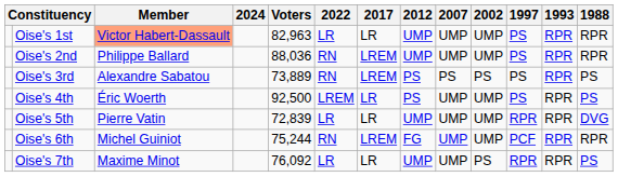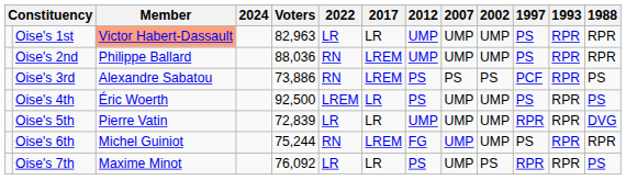 <table class="wikitable sortable">
 <tr>
 <th colspan="2">Constituency</th>
 <th>Member</th>
 <th>2024</th>
 <th>Voters</th>
 <th>2022</th>
 <th>2017</th>
 <th>2012</th>
 <th>2007</th>
 <th>2002</th>
 <th>1997</th>
 <th>1993</th>
 <th>1988</th>
 </tr>
 <tr>
 <td style="background-color: "></td>
 <td><a href='#'>Oise's 1st</a></td>
 <td style="background: lightsalmon;"><a href='#'>Victor Habert-Dassault</a></td>
 <td></td>
 <td>82,963</td>
 <td><a href='#'>LR</a></td>
 <td>LR</td>
 <td><a href='#'>UMP</a></td>
 <td>UMP</td>
 <td>UMP</td>
 <td><a href='#'>PS</a></td>
 <td><a href='#'>RPR</a></td>
 <td>RPR</td>
 </tr>
 <tr>
 <td style="background-color: "></td>
 <td><a href='#'>Oise's 2nd</a></td>
 <td><a href='#'>Philippe Ballard</a></td>
 <td></td>
 <td>88,036</td>
 <td><a href='#'>RN</a></td>
 <td><a href='#'>LREM</a></td>
 <td><a href='#'>UMP</a></td>
 <td>UMP</td>
 <td>UMP</td>
 <td><a href='#'>PS</a></td>
 <td><a href='#'>RPR</a></td>
 <td>RPR</td>
 </tr>
 <tr>
 <td style="background-color: "></td>
 <td><a href='#'>Oise's 3rd</a></td>
 <td><a href='#'>Alexandre Sabatou</a></td>
 <td></td>
-<td>73,889</td>
+<td>73,886</td>
 <td><a href='#'>RN</a></td>
 <td><a href='#'>LREM</a></td>
 <td><a href='#'>PS</a></td>
 <td>PS</td>
 <td>PS</td>
-<td>PS</td>
+<td><a href='#'>PCF</a></td>
 <td><a href='#'>RPR</a></td>
 <td>PS</td>
 </tr>
 <tr>
 <td style="background-color: "></td>
 <td><a href='#'>Oise's 4th</a></td>
 <td><a href='#'>Éric Woerth</a></td>
 <td></td>
 <td>92,500</td>
 <td><a href='#'>LREM</a></td>
 <td><a href='#'>LR</a></td>
 <td><a href='#'>PS</a></td>
 <td>UMP</td>
 <td>UMP</td>
 <td><a href='#'>PS</a></td>
 <td>RPR</td>
 <td><a href='#'>PS</a></td>
 </tr>
 <tr>
 <td style="background-color: "></td>
 <td><a href='#'>Oise's 5th</a></td>
 <td><a href='#'>Pierre Vatin</a></td>
 <td></td>
 <td>72,839</td>
 <td><a href='#'>LR</a></td>
 <td>LR</td>
 <td><a href='#'>UMP</a></td>
 <td>UMP</td>
 <td>UMP</td>
 <td><a href='#'>RPR</a></td>
 <td>RPR</td>
 <td><a href='#'>DVG</a></td>
 </tr>
 <tr>
 <td style="background-color: "></td>
 <td><a href='#'>Oise's 6th</a></td>
 <td><a href='#'>Michel Guiniot</a></td>
 <td></td>
 <td>75,244</td>
 <td><a href='#'>RN</a></td>
 <td><a href='#'>LREM</a></td>
 <td><a href='#'>FG</a></td>
 <td><a href='#'>UMP</a></td>
 <td>UMP</td>
-<td><a href='#'>PCF</a></td>
+<td>PS</td>
 <td><a href='#'>RPR</a></td>
 <td>RPR</td>
 </tr>
 <tr>
 <td style="background-color: "></td>
 <td><a href='#'>Oise's 7th</a></td>
 <td><a href='#'>Maxime Minot</a></td>
 <td></td>
 <td>76,092</td>
 <td><a href='#'>LR</a></td>
 <td>LR</td>
-<td><a href='#'>UMP</a></td>
+<td><a href='#'>PS</a></td>
 <td>UMP</td>
 <td>PS</td>
 <td><a href='#'>RPR</a></td>
 <td>RPR</td>
 <td><a href='#'>PS</a></td>
 </tr>
 </table>
